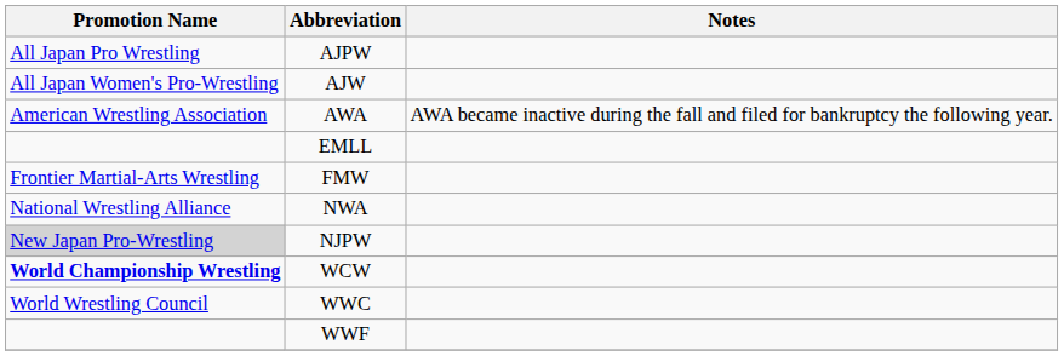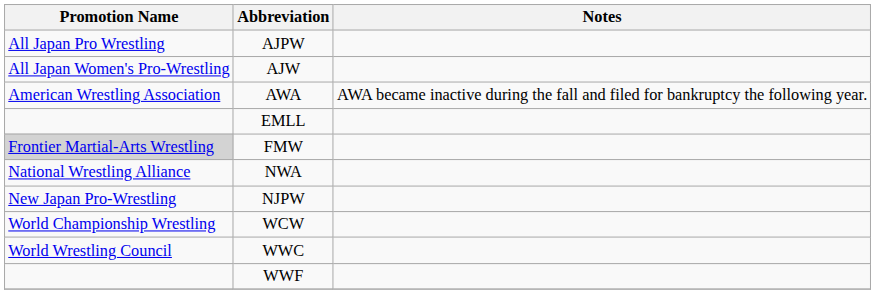 <table class="wikitable">
 <tr>
 <th>Promotion Name</th>
 <th>Abbreviation</th>
 <th>Notes</th>
 </tr>
 <tr>
 <td><a href='#'>All Japan Pro Wrestling</a></td>
 <td align=center>AJPW</td>
 <td></td>
 </tr>
 <tr>
 <td><a href='#'>All Japan Women's Pro-Wrestling</a></td>
 <td align=center>AJW</td>
 <td></td>
 </tr>
 <tr>
 <td><a href='#'>American Wrestling Association</a></td>
 <td align=center>AWA</td>
 <td>AWA became inactive during the fall and filed for bankruptcy the following year.</td>
 </tr>
 <tr>
 <td></td>
 <td align=center>EMLL</td>
 <td></td>
 </tr>
 <tr>
-<td><a href='#'>Frontier Martial-Arts Wrestling</a></td>
+<td style="background: lightgrey;"><a href='#'>Frontier Martial-Arts Wrestling</a></td>
 <td align=center>FMW</td>
 <td></td>
 </tr>
 <tr>
 <td><a href='#'>National Wrestling Alliance</a></td>
 <td align=center>NWA</td>
 <td></td>
 </tr>
 <tr>
-<td style="background: lightgrey;"><a href='#'>New Japan Pro-Wrestling</a></td>
+<td><a href='#'>New Japan Pro-Wrestling</a></td>
 <td align=center>NJPW</td>
 <td></td>
 </tr>
 <tr>
-<td><strong><a href='#'>World Championship Wrestling</a></strong></td>
+<td><a href='#'>World Championship Wrestling</a></td>
 <td align=center>WCW</td>
 <td></td>
 </tr>
 <tr>
 <td><a href='#'>World Wrestling Council</a></td>
 <td align=center>WWC</td>
 <td></td>
 </tr>
 <tr>
 <td></td>
 <td align=center>WWF</td>
 <td></td>
 </tr>
 <tr>
 </tr>
 </table>
